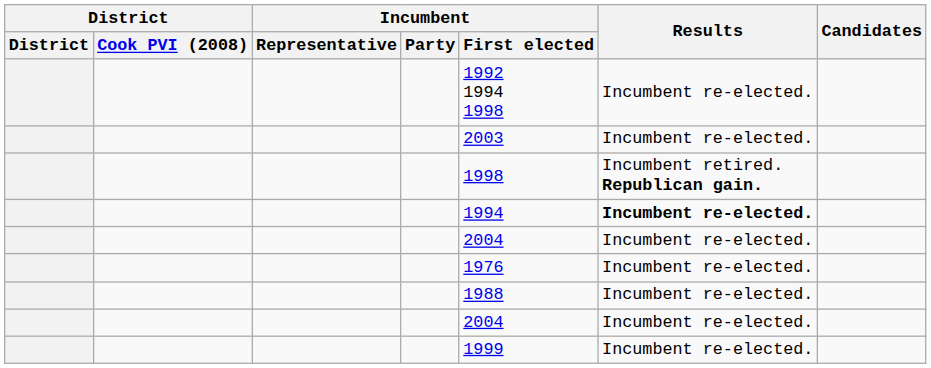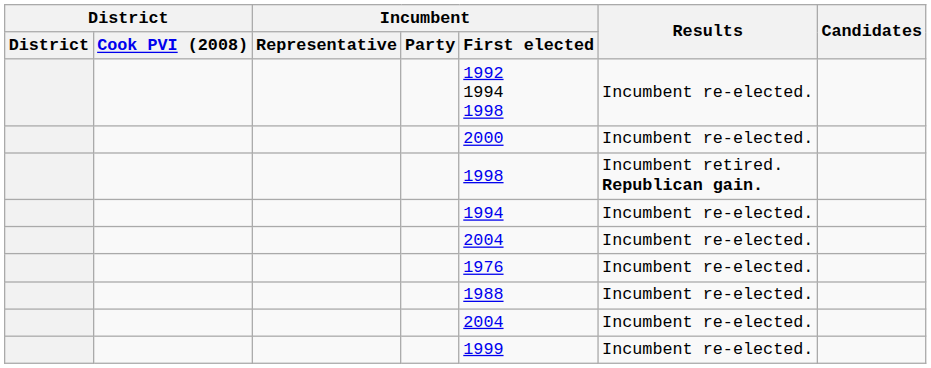 <table class="wikitable sortable">
 <tr>
 <th colspan=2>District</th>
 <th colspan=3>Incumbent</th>
 <th rowspan=2>Results</th>
 <th rowspan=2>Candidates</th>
 </tr>
 <tr valign=bottom>
 <th>District</th>
 <th><a href='#'>Cook PVI</a> (2008)</th>
 <th>Representative</th>
 <th>Party</th>
 <th>First elected</th>
 </tr>
 <tr>
 <th></th>
 <td></td>
 <td></td>
 <td></td>
 <td><a href='#'>1992</a><br>1994 <br><a href='#'>1998</a></td>
 <td>Incumbent re-elected.</td>
 <td nowrap></td>
 </tr>
 <tr>
 <th></th>
 <td></td>
 <td></td>
 <td></td>
-<td><a href='#'>2003</a></td>
+<td><a href='#'>2000</a></td>
 <td>Incumbent re-elected.</td>
 <td nowrap></td>
 </tr>
 <tr>
 <th></th>
 <td></td>
 <td></td>
 <td></td>
 <td><a href='#'>1998</a></td>
 <td>Incumbent retired.<br><strong>Republican gain.</strong></td>
 <td nowrap></td>
 </tr>
 <tr>
 <th></th>
 <td></td>
 <td></td>
 <td></td>
 <td><a href='#'>1994</a></td>
-<td><strong>Incumbent re-elected.</strong></td>
+<td>Incumbent re-elected.</td>
 <td nowrap></td>
 </tr>
 <tr>
 <th></th>
 <td></td>
 <td></td>
 <td></td>
 <td><a href='#'>2004</a></td>
 <td>Incumbent re-elected.</td>
 <td nowrap></td>
 </tr>
 <tr>
 <th></th>
 <td></td>
 <td></td>
 <td></td>
 <td><a href='#'>1976</a></td>
 <td>Incumbent re-elected.</td>
 <td nowrap></td>
 </tr>
 <tr>
 <th></th>
 <td></td>
 <td></td>
 <td></td>
 <td><a href='#'>1988</a></td>
 <td>Incumbent re-elected.</td>
 <td nowrap></td>
 </tr>
 <tr>
 <th></th>
 <td></td>
 <td></td>
 <td></td>
 <td><a href='#'>2004</a></td>
 <td>Incumbent re-elected.</td>
 <td nowrap></td>
 </tr>
 <tr>
 <th></th>
 <td></td>
 <td></td>
 <td></td>
 <td><a href='#'>1999</a></td>
 <td>Incumbent re-elected.</td>
 <td nowrap></td>
 </tr>
 </table>
